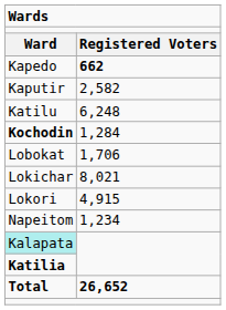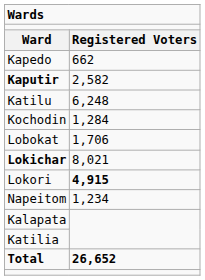 <table class="wikitable">
 <tr>
 <td colspan="2"><strong>Wards</strong></td>
 </tr>
 <tr>
 <td colspan="2"></td>
 </tr>
 <tr>
 <th>Ward</th>
 <th>Registered Voters</th>
 </tr>
 <tr>
 <td>Kapedo</td>
-<td><strong>662</strong></td>
+<td>662</td>
 </tr>
 <tr>
-<td>Kaputir</td>
+<td><strong>Kaputir</strong></td>
 <td>2,582</td>
 </tr>
 <tr>
 <td>Katilu</td>
 <td>6,248</td>
 </tr>
 <tr>
-<td><strong>Kochodin</strong></td>
+<td>Kochodin</td>
 <td>1,284</td>
 </tr>
 <tr>
 <td>Lobokat</td>
 <td>1,706</td>
 </tr>
 <tr>
-<td>Lokichar</td>
+<td><strong>Lokichar</strong></td>
 <td>8,021</td>
 </tr>
 <tr>
 <td>Lokori</td>
-<td>4,915</td>
+<td><strong>4,915</strong></td>
 </tr>
 <tr>
 <td>Napeitom</td>
 <td>1,234</td>
 </tr>
 <tr>
-<td style="background: paleturquoise;">Kalapata</td>
+<td>Kalapata</td>
 </tr>
 <tr>
-<td><strong>Katilia</strong></td>
+<td>Katilia</td>
 </tr>
 <tr>
 <td><strong>Total</strong></td>
 <td><strong>26,652</strong></td>
 </tr>
 <tr>
 <td colspan="2"></td>
 </tr>
 </table>
